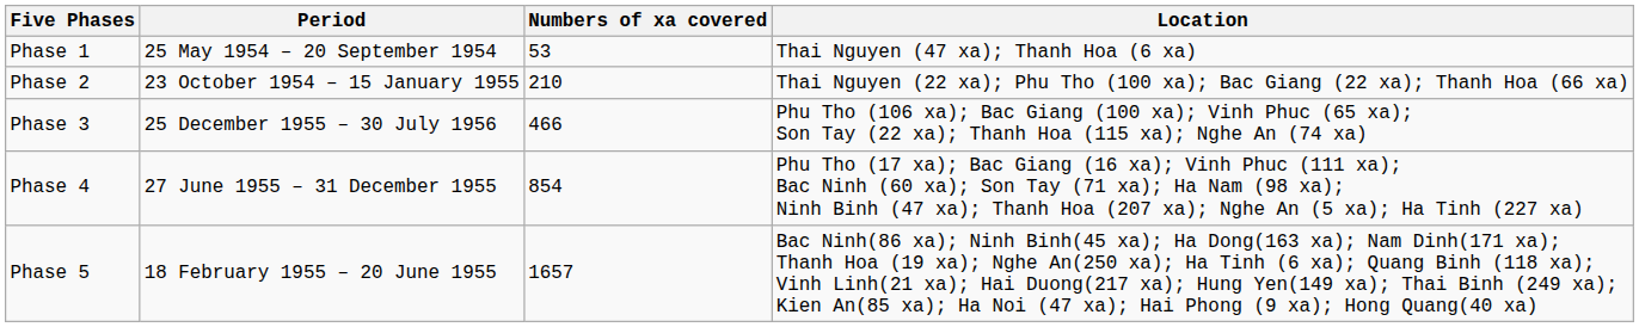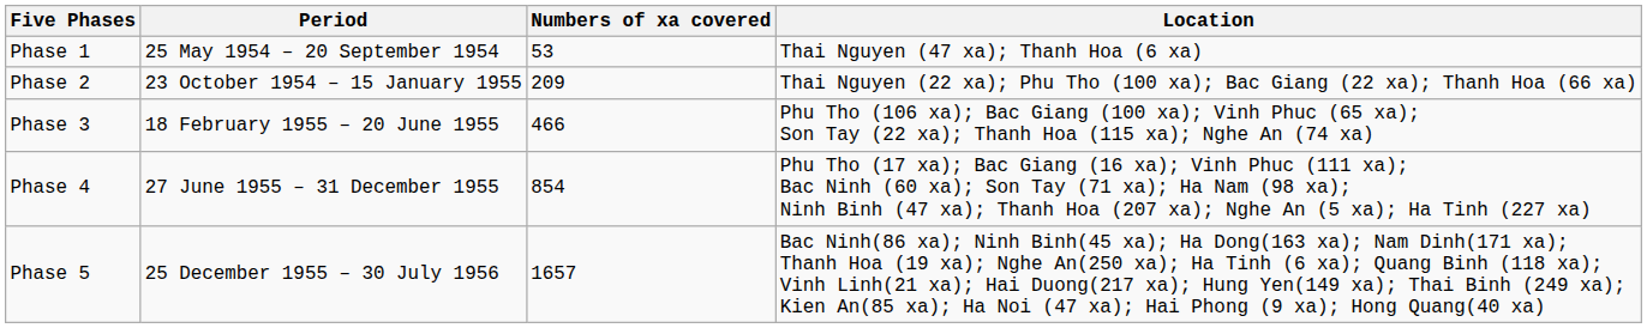 <table class="wikitable">
 <tr>
 <th>Five Phases</th>
 <th>Period</th>
 <th>Numbers of xa covered</th>
 <th>Location</th>
 </tr>
 <tr>
 <td>Phase 1</td>
 <td>25 May 1954 – 20 September 1954</td>
 <td>53</td>
 <td>Thai Nguyen (47 xa); Thanh Hoa (6 xa)</td>
 </tr>
 <tr>
 <td>Phase 2</td>
 <td>23 October 1954 – 15 January 1955</td>
-<td>210</td>
+<td>209</td>
 <td>Thai Nguyen (22 xa); Phu Tho (100 xa); Bac Giang (22 xa); Thanh Hoa (66 xa)</td>
 </tr>
 <tr>
 <td>Phase 3</td>
-<td>25 December 1955 – 30 July 1956</td>
+<td>18 February 1955 – 20 June 1955</td>
 <td>466</td>
 <td>Phu Tho (106 xa); Bac Giang (100 xa); Vinh Phuc (65 xa);<br>Son Tay (22 xa); Thanh Hoa (115 xa); Nghe An (74 xa)</td>
 </tr>
 <tr>
 <td>Phase 4</td>
 <td>27 June 1955 – 31 December 1955</td>
 <td>854</td>
 <td>Phu Tho (17 xa); Bac Giang (16 xa); Vinh Phuc (111 xa);<br>Bac Ninh (60 xa); Son Tay (71 xa); Ha Nam (98 xa);<br>Ninh Binh (47 xa);  Thanh Hoa (207 xa); Nghe An (5 xa); Ha Tinh (227 xa)</td>
 </tr>
 <tr>
 <td>Phase 5</td>
-<td>18 February 1955 – 20 June 1955</td>
+<td>25 December 1955 – 30 July 1956</td>
 <td>1657</td>
 <td>Bac Ninh(86 xa); Ninh Binh(45 xa); Ha Dong(163 xa); Nam Dinh(171 xa);<br>Thanh Hoa (19 xa); Nghe An(250 xa);  Ha Tinh (6 xa); Quang Binh (118 xa);<br>Vinh Linh(21 xa); Hai Duong(217 xa); Hung Yen(149 xa); Thai Binh (249 xa);<br>Kien An(85 xa); Ha Noi (47 xa); Hai Phong (9 xa); Hong Quang(40 xa)</td>
 </tr>
 </table>
